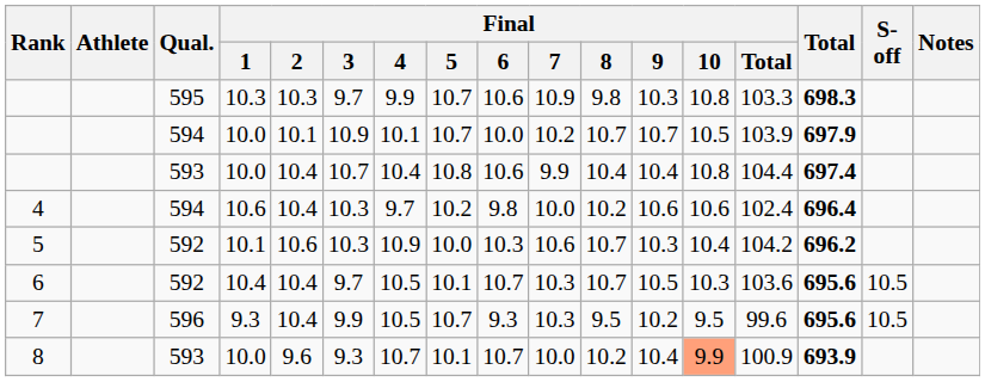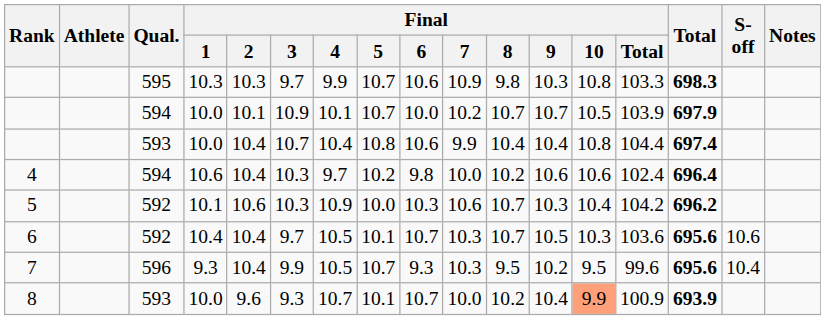 <table class="wikitable" style="text-align:center">
 <tr>
 <th rowspan=2 width=40>Rank</th>
 <th rowspan=2 width=250>Athlete</th>
 <th rowspan=2 width=40>Qual.</th>
 <th colspan=11>Final</th>
 <th rowspan=2 width=50>Total</th>
 <th rowspan=2 width=35>S-off</th>
 <th rowspan=2 width=45>Notes</th>
 </tr>
 <tr>
 <th width=30>1</th>
 <th width=30>2</th>
 <th width=30>3</th>
 <th width=30>4</th>
 <th width=30>5</th>
 <th width=30>6</th>
 <th width=30>7</th>
 <th width=30>8</th>
 <th width=30>9</th>
 <th width=30>10</th>
 <th width=40>Total</th>
 </tr>
 <tr>
 <td></td>
 <td align=left></td>
 <td>595</td>
 <td>10.3</td>
 <td>10.3</td>
 <td>9.7</td>
 <td>9.9</td>
 <td>10.7</td>
 <td>10.6</td>
 <td>10.9</td>
 <td>9.8</td>
 <td>10.3</td>
 <td>10.8</td>
 <td>103.3</td>
 <td><strong>698.3</strong></td>
 <td></td>
 <td></td>
 </tr>
 <tr>
 <td></td>
 <td align=left></td>
 <td>594</td>
 <td>10.0</td>
 <td>10.1</td>
 <td>10.9</td>
 <td>10.1</td>
 <td>10.7</td>
 <td>10.0</td>
 <td>10.2</td>
 <td>10.7</td>
 <td>10.7</td>
 <td>10.5</td>
 <td>103.9</td>
 <td><strong>697.9</strong></td>
 <td></td>
 <td></td>
 </tr>
 <tr>
 <td></td>
 <td align=left></td>
 <td>593</td>
 <td>10.0</td>
 <td>10.4</td>
 <td>10.7</td>
 <td>10.4</td>
 <td>10.8</td>
 <td>10.6</td>
 <td>9.9</td>
 <td>10.4</td>
 <td>10.4</td>
 <td>10.8</td>
 <td>104.4</td>
 <td><strong>697.4</strong></td>
 <td></td>
 <td></td>
 </tr>
 <tr>
 <td>4</td>
 <td align=left></td>
 <td>594</td>
 <td>10.6</td>
 <td>10.4</td>
 <td>10.3</td>
 <td>9.7</td>
 <td>10.2</td>
 <td>9.8</td>
 <td>10.0</td>
 <td>10.2</td>
 <td>10.6</td>
 <td>10.6</td>
 <td>102.4</td>
 <td><strong>696.4</strong></td>
 <td></td>
 <td></td>
 </tr>
 <tr>
 <td>5</td>
 <td align=left></td>
 <td>592</td>
 <td>10.1</td>
 <td>10.6</td>
 <td>10.3</td>
 <td>10.9</td>
 <td>10.0</td>
 <td>10.3</td>
 <td>10.6</td>
 <td>10.7</td>
 <td>10.3</td>
 <td>10.4</td>
 <td>104.2</td>
 <td><strong>696.2</strong></td>
 <td></td>
 <td></td>
 </tr>
 <tr>
 <td>6</td>
 <td align=left></td>
 <td>592</td>
 <td>10.4</td>
 <td>10.4</td>
 <td>9.7</td>
 <td>10.5</td>
 <td>10.1</td>
 <td>10.7</td>
 <td>10.3</td>
 <td>10.7</td>
 <td>10.5</td>
 <td>10.3</td>
 <td>103.6</td>
 <td><strong>695.6</strong></td>
-<td>10.5</td>
+<td>10.6</td>
 <td></td>
 </tr>
 <tr>
 <td>7</td>
 <td align=left></td>
 <td>596</td>
 <td>9.3</td>
 <td>10.4</td>
 <td>9.9</td>
 <td>10.5</td>
 <td>10.7</td>
 <td>9.3</td>
 <td>10.3</td>
 <td>9.5</td>
 <td>10.2</td>
 <td>9.5</td>
 <td>99.6</td>
 <td><strong>695.6</strong></td>
-<td>10.5</td>
+<td>10.4</td>
 <td></td>
 </tr>
 <tr>
 <td>8</td>
 <td align=left></td>
 <td>593</td>
 <td>10.0</td>
 <td>9.6</td>
 <td>9.3</td>
 <td>10.7</td>
 <td>10.1</td>
 <td>10.7</td>
 <td>10.0</td>
 <td>10.2</td>
 <td>10.4</td>
 <td style="background: lightsalmon;">9.9</td>
 <td>100.9</td>
 <td><strong>693.9</strong></td>
 <td></td>
 <td></td>
 </tr>
 </table>
